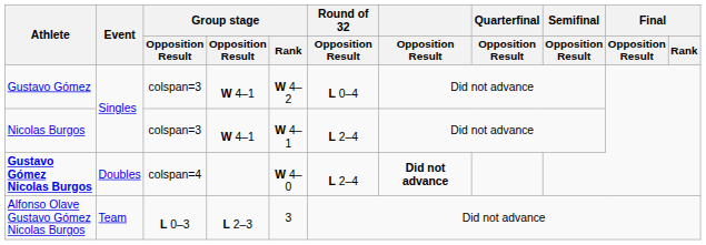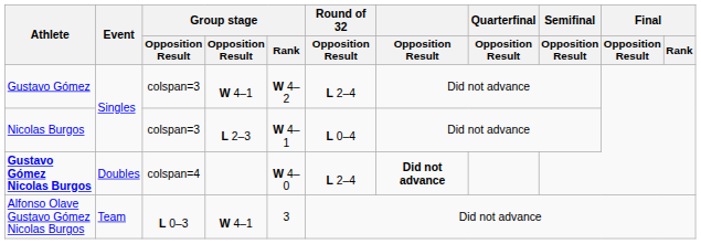 <table class=wikitable style=font-size:90%;text-align:center>
 <tr>
 <th rowspan=2>Athlete</th>
 <th rowspan=2>Event</th>
 <th colspan=3>Group stage</th>
 <th>Round of 32</th>
 <th></th>
 <th>Quarterfinal</th>
 <th>Semifinal</th>
 <th colspan=2>Final</th>
 </tr>
 <tr style=font-size:95%>
 <th>Opposition<br>Result</th>
 <th>Opposition<br>Result</th>
 <th>Rank</th>
 <th>Opposition<br>Result</th>
 <th>Opposition<br>Result</th>
 <th>Opposition<br>Result</th>
 <th>Opposition<br>Result</th>
 <th>Opposition<br>Result</th>
 <th>Rank</th>
 </tr>
 <tr>
 <td style="text-align:left"><a href='#'>Gustavo Gómez</a></td>
 <td style="text-align:left" rowspan=2><a href='#'>Singles</a></td>
 <td>colspan=3 </td>
 <td><br><strong>W</strong> 4–1</td>
 <td><br><strong>W</strong> 4–2</td>
-<td><br><strong>L</strong> 0–4</td>
+<td><br><strong>L</strong> 2–4</td>
 <td colspan="3">Did not advance</td>
 </tr>
 <tr>
 <td style="text-align:left"><a href='#'>Nicolas Burgos</a></td>
 <td>colspan=3 </td>
+<td><br><strong>L</strong> 2–3</td>
 <td><br><strong>W</strong> 4–1</td>
-<td><br><strong>W</strong> 4–1</td>
-<td><br><strong>L</strong> 2–4</td>
+<td><br><strong>L</strong> 0–4</td>
 <td colspan="3">Did not advance</td>
 </tr>
 <tr>
 <td style="text-align:left"><strong><a href='#'>Gustavo Gómez</a><br><a href='#'>Nicolas Burgos</a></strong></td>
 <td style="text-align:left"><a href='#'>Doubles</a></td>
 <td>colspan=4 </td>
 <td></td>
 <td><br><strong>W</strong> 4–0</td>
 <td><br><strong>L</strong> 2–4</td>
 <td><strong>Did not advance</strong></td>
 <td></td>
 </tr>
 <tr>
 <td style="text-align:left"><a href='#'>Alfonso Olave</a><br><a href='#'>Gustavo Gómez</a><br><a href='#'>Nicolas Burgos</a></td>
 <td style="text-align:left"><a href='#'>Team</a></td>
 <td><br><strong>L</strong> 0–3</td>
-<td><br><strong>L</strong> 2–3</td>
+<td><br><strong>W</strong> 4–1</td>
 <td>3</td>
 <td colspan="6">Did not advance</td>
 </tr>
 </table>
